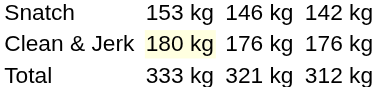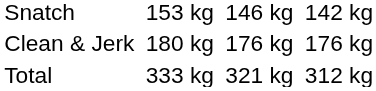 <table>
 <tr>
 <td>Snatch</td>
 <td></td>
 <td>153 kg</td>
 <td></td>
 <td>146 kg</td>
 <td></td>
 <td>142 kg</td>
 </tr>
 <tr>
 <td>Clean & Jerk</td>
 <td></td>
-<td style="background: lightyellow;">180 kg</td>
+<td>180 kg</td>
 <td></td>
 <td>176 kg</td>
 <td></td>
 <td>176 kg</td>
 </tr>
 <tr>
 <td>Total</td>
 <td></td>
 <td>333 kg</td>
 <td></td>
 <td>321 kg</td>
 <td></td>
 <td>312 kg</td>
 </tr>
 </table>
